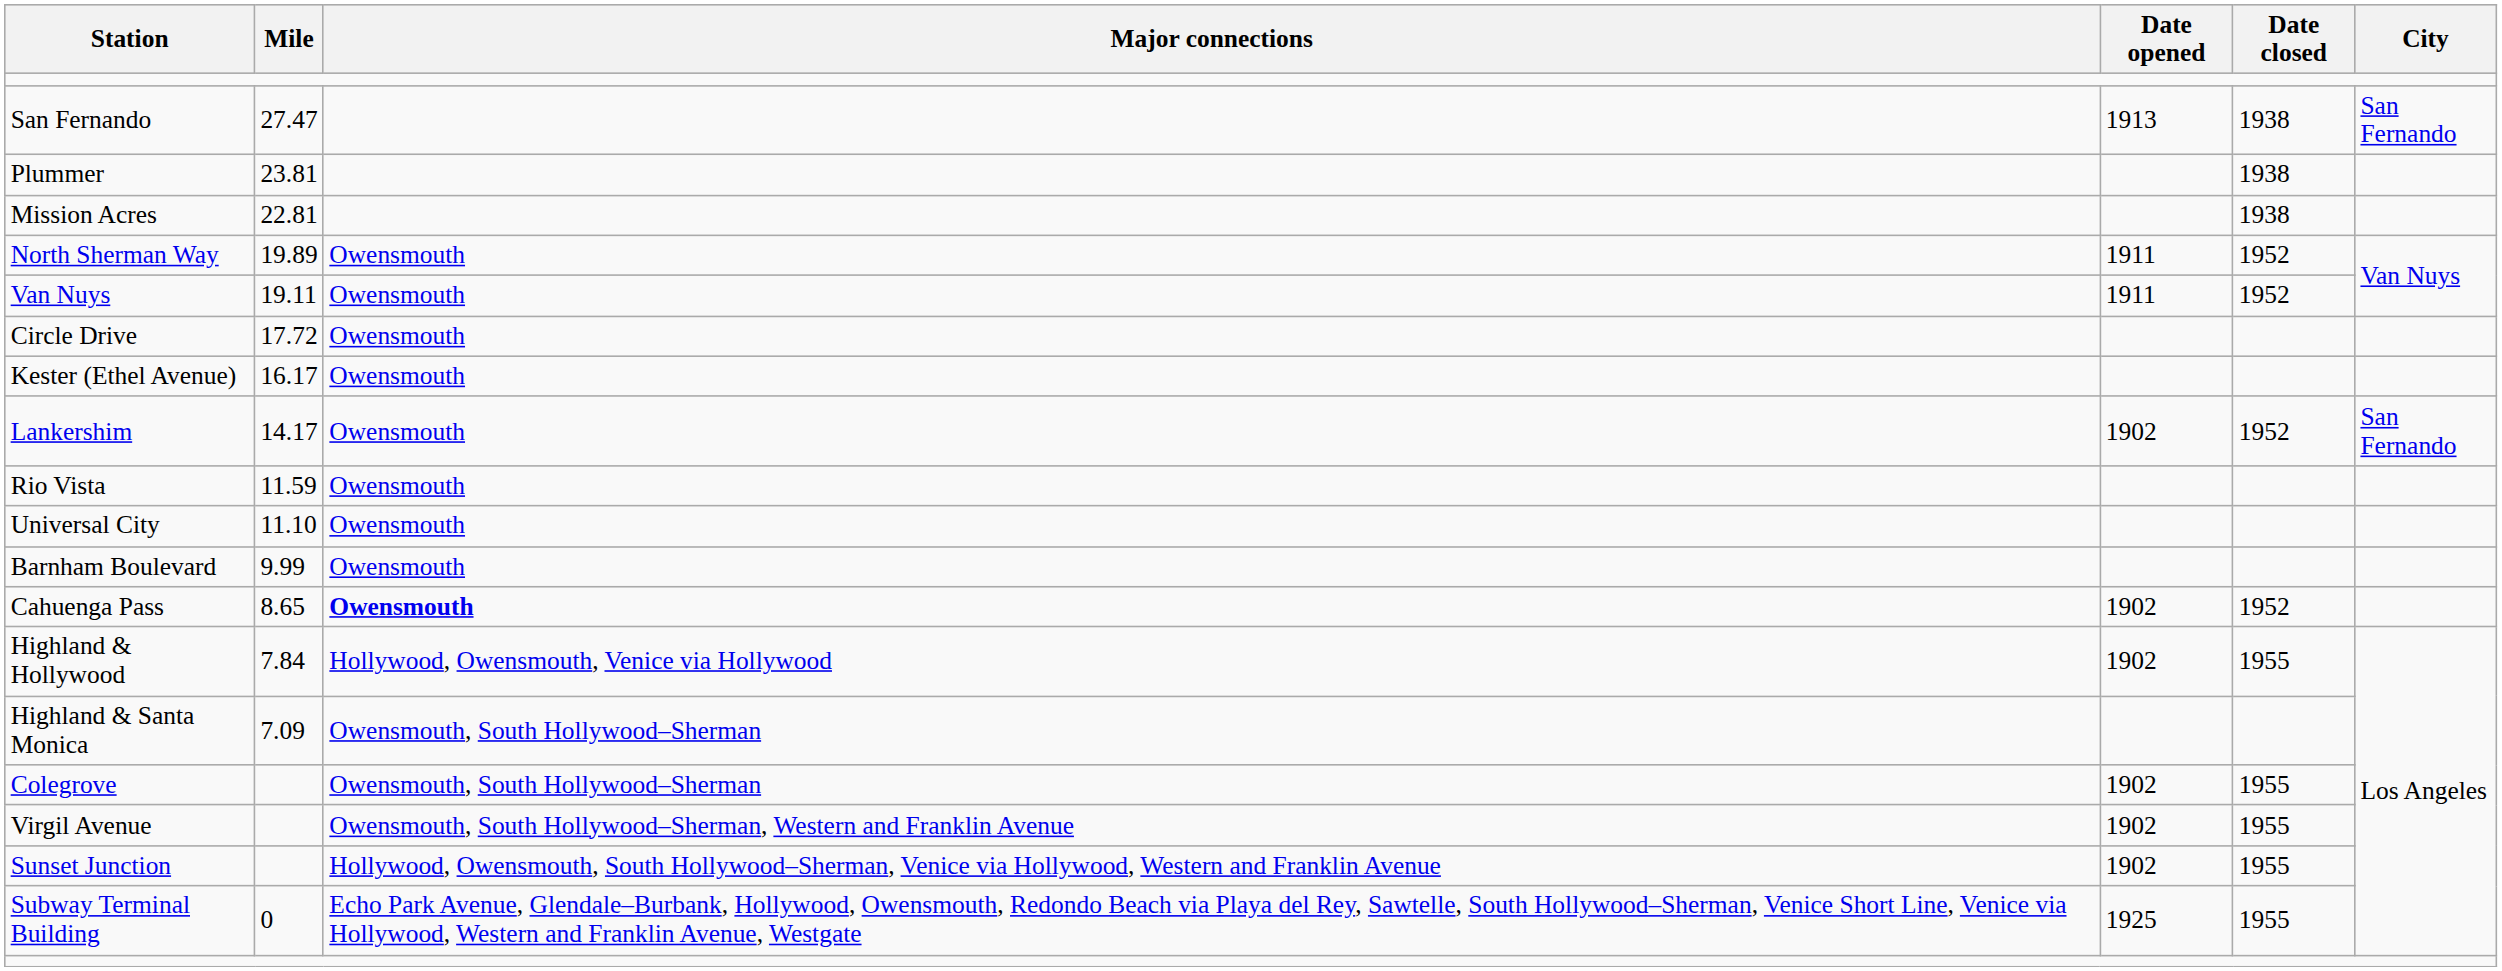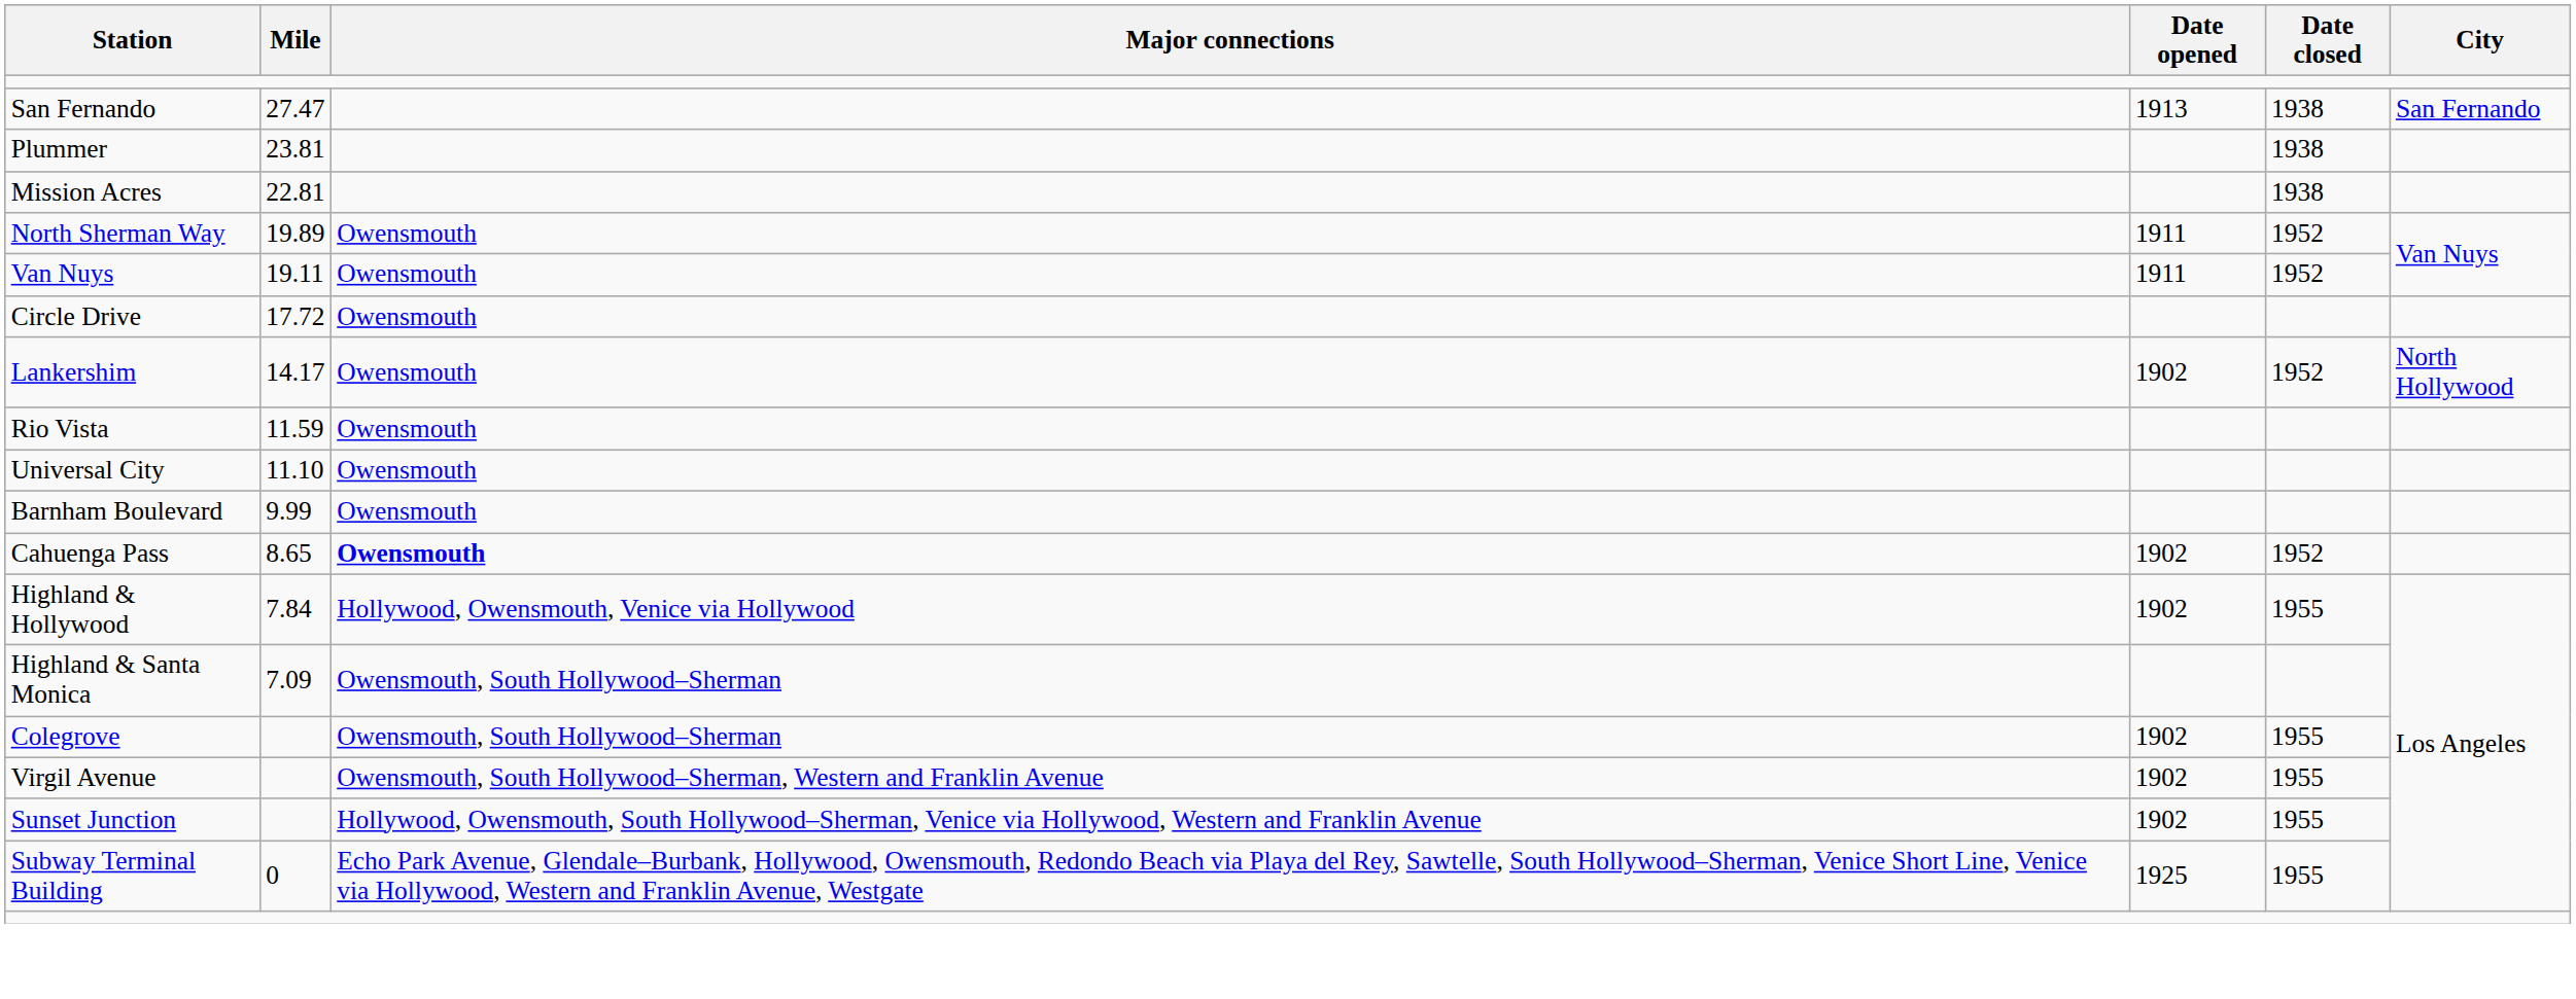 <table class="wikitable">
 <tr>
 <th>Station</th>
 <th>Mile</th>
 <th>Major connections</th>
 <th>Date opened</th>
 <th>Date closed</th>
 <th>City</th>
 </tr>
 <tr>
 <td colspan = "6"></td>
 </tr>
 <tr>
 <td>San Fernando</td>
 <td>27.47</td>
 <td></td>
 <td>1913</td>
 <td>1938</td>
 <td rowspan=1><a href='#'>San Fernando</a></td>
 </tr>
 <tr>
 <td>Plummer</td>
 <td>23.81</td>
 <td></td>
 <td></td>
 <td>1938</td>
 <td></td>
 </tr>
 <tr>
 <td>Mission Acres</td>
 <td>22.81</td>
 <td></td>
 <td></td>
 <td>1938</td>
 <td></td>
 </tr>
 <tr>
 <td><a href='#'>North Sherman Way</a></td>
 <td>19.89</td>
 <td><a href='#'>Owensmouth</a></td>
 <td>1911</td>
 <td>1952</td>
 <td rowspan=2><a href='#'>Van Nuys</a></td>
 </tr>
 <tr>
 <td><a href='#'>Van Nuys</a></td>
 <td>19.11</td>
 <td><a href='#'>Owensmouth</a></td>
 <td>1911</td>
 <td>1952</td>
 </tr>
 <tr>
 <td>Circle Drive</td>
 <td>17.72</td>
 <td><a href='#'>Owensmouth</a></td>
 <td></td>
 <td></td>
 <td></td>
 </tr>
 <tr>
-<td>Kester (Ethel Avenue)</td>
-<td>16.17</td>
-<td><a href='#'>Owensmouth</a></td>
-<td></td>
-<td></td>
-<td></td>
-</tr>
-<tr>
 <td><a href='#'>Lankershim<br></a></td>
 <td>14.17</td>
 <td><a href='#'>Owensmouth</a></td>
 <td>1902</td>
 <td>1952</td>
-<td rowspan=1><a href='#'>San Fernando</a></td>
+<td rowspan=1><a href='#'>North Hollywood</a></td>
 </tr>
 <tr>
 <td>Rio Vista</td>
 <td>11.59</td>
 <td><a href='#'>Owensmouth</a></td>
 <td></td>
 <td></td>
 <td></td>
 </tr>
 <tr>
 <td>Universal City</td>
 <td>11.10</td>
 <td><a href='#'>Owensmouth</a></td>
 <td></td>
 <td></td>
 <td></td>
 </tr>
 <tr>
 <td>Barnham Boulevard</td>
 <td>9.99</td>
 <td><a href='#'>Owensmouth</a></td>
 <td></td>
 <td></td>
 </tr>
 <tr>
 <td>Cahuenga Pass</td>
 <td>8.65</td>
 <td><strong><a href='#'>Owensmouth</a></strong></td>
 <td>1902</td>
 <td>1952</td>
 <td></td>
 </tr>
 <tr>
 <td>Highland & Hollywood</td>
 <td>7.84</td>
 <td><a href='#'>Hollywood</a>, <a href='#'>Owensmouth</a>, <a href='#'>Venice via Hollywood</a></td>
 <td>1902</td>
 <td>1955</td>
 <td rowspan=6>Los Angeles</td>
 </tr>
 <tr>
 <td>Highland & Santa Monica</td>
 <td>7.09</td>
 <td><a href='#'>Owensmouth</a>, <a href='#'>South Hollywood–Sherman</a></td>
 <td></td>
 <td></td>
 </tr>
 <tr>
 <td><a href='#'>Colegrove</a></td>
 <td></td>
 <td><a href='#'>Owensmouth</a>, <a href='#'>South Hollywood–Sherman</a></td>
 <td>1902</td>
 <td>1955</td>
 </tr>
 <tr>
 <td>Virgil Avenue</td>
 <td></td>
 <td><a href='#'>Owensmouth</a>, <a href='#'>South Hollywood–Sherman</a>, <a href='#'>Western and Franklin Avenue</a></td>
 <td>1902</td>
 <td>1955</td>
 </tr>
 <tr>
 <td><a href='#'>Sunset Junction</a></td>
 <td></td>
 <td><a href='#'>Hollywood</a>, <a href='#'>Owensmouth</a>, <a href='#'>South Hollywood–Sherman</a>, <a href='#'>Venice via Hollywood</a>, <a href='#'>Western and Franklin Avenue</a></td>
 <td>1902</td>
 <td>1955</td>
 </tr>
 <tr>
 <td><a href='#'>Subway Terminal Building</a></td>
 <td>0</td>
 <td><a href='#'>Echo Park Avenue</a>, <a href='#'>Glendale–Burbank</a>, <a href='#'>Hollywood</a>, <a href='#'>Owensmouth</a>, <a href='#'>Redondo Beach via Playa del Rey</a>, <a href='#'>Sawtelle</a>, <a href='#'>South Hollywood–Sherman</a>, <a href='#'>Venice Short Line</a>, <a href='#'>Venice via Hollywood</a>, <a href='#'>Western and Franklin Avenue</a>, <a href='#'>Westgate</a></td>
 <td>1925</td>
 <td>1955</td>
 </tr>
 <tr>
 <td colspan = "6"></td>
 </tr>
 </table>
